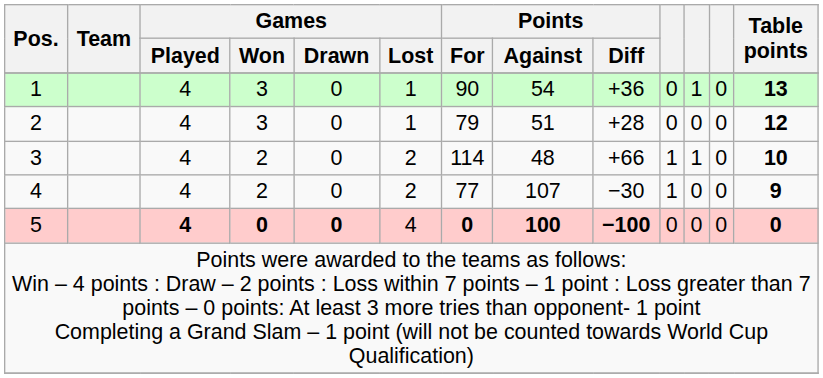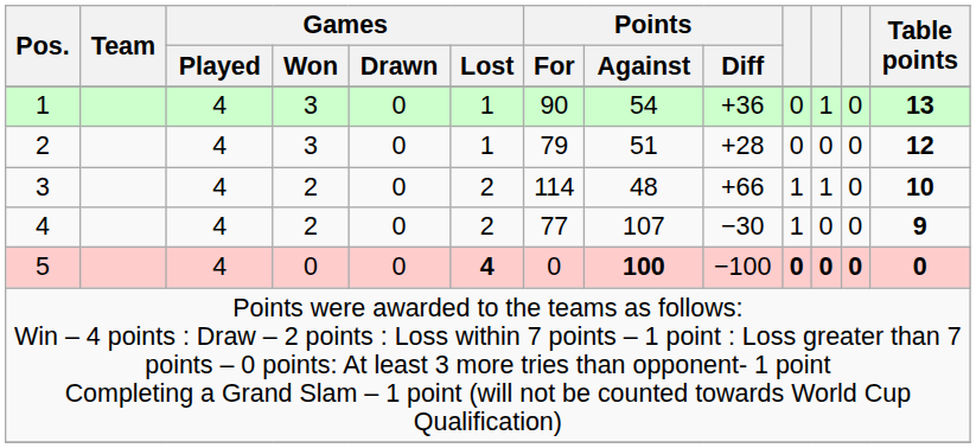 <table class="wikitable" style="text-align:center">
 <tr>
 <th rowspan="2">Pos.</th>
 <th rowspan="2">Team</th>
 <th colspan="4">Games</th>
 <th colspan="3">Points</th>
 <th rowspan="2"></th>
 <th rowspan="2"></th>
 <th rowspan="2"></th>
 <th rowspan="2">Table<br>points</th>
 </tr>
 <tr>
 <th>Played</th>
 <th>Won</th>
 <th>Drawn</th>
 <th>Lost</th>
 <th>For</th>
 <th>Against</th>
 <th>Diff</th>
 </tr>
 <tr>
 </tr>
 <tr align=center bgcolor=ccffcc>
 <td>1</td>
 <td align=left></td>
 <td>4</td>
 <td>3</td>
 <td>0</td>
 <td>1</td>
 <td>90</td>
 <td>54</td>
 <td>+36</td>
 <td>0</td>
 <td>1</td>
 <td>0</td>
 <td><strong>13</strong></td>
 </tr>
 <tr align=center>
 <td>2</td>
 <td align=left></td>
 <td>4</td>
 <td>3</td>
 <td>0</td>
 <td>1</td>
 <td>79</td>
 <td>51</td>
 <td>+28</td>
 <td>0</td>
 <td>0</td>
 <td>0</td>
 <td><strong>12</strong></td>
 </tr>
 <tr align=center>
 <td>3</td>
 <td align=left></td>
 <td>4</td>
 <td>2</td>
 <td>0</td>
 <td>2</td>
 <td>114</td>
 <td>48</td>
 <td>+66</td>
 <td>1</td>
 <td>1</td>
 <td>0</td>
 <td><strong>10</strong></td>
 </tr>
 <tr align=center>
 <td>4</td>
 <td align=left></td>
 <td>4</td>
 <td>2</td>
 <td>0</td>
 <td>2</td>
 <td>77</td>
 <td>107</td>
 <td>−30</td>
 <td>1</td>
 <td>0</td>
 <td>0</td>
 <td><strong>9</strong></td>
 </tr>
 <tr align=center bgcolor=ffcccc>
 <td>5</td>
 <td align=left></td>
+<td>4</td>
+<td>0</td>
+<td>0</td>
 <td><strong>4</strong></td>
+<td>0</td>
+<td><strong>100</strong></td>
+<td>−100</td>
 <td><strong>0</strong></td>
 <td><strong>0</strong></td>
-<td>4</td>
 <td><strong>0</strong></td>
-<td><strong>100</strong></td>
-<td><strong>−100</strong></td>
-<td>0</td>
-<td>0</td>
-<td>0</td>
 <td><strong>0</strong></td>
 </tr>
 <tr>
 <td colspan="100%" style="text-align:center;">Points were awarded to the teams as follows:<br>Win – 4 points : Draw – 2 points  : Loss within 7 points – 1 point : Loss greater than 7 points – 0 points: At least 3 more tries than opponent- 1 point<br>Completing a Grand Slam – 1 point (will not be counted towards World Cup Qualification)</td>
 </tr>
 <tr>
 </tr>
 </table>
